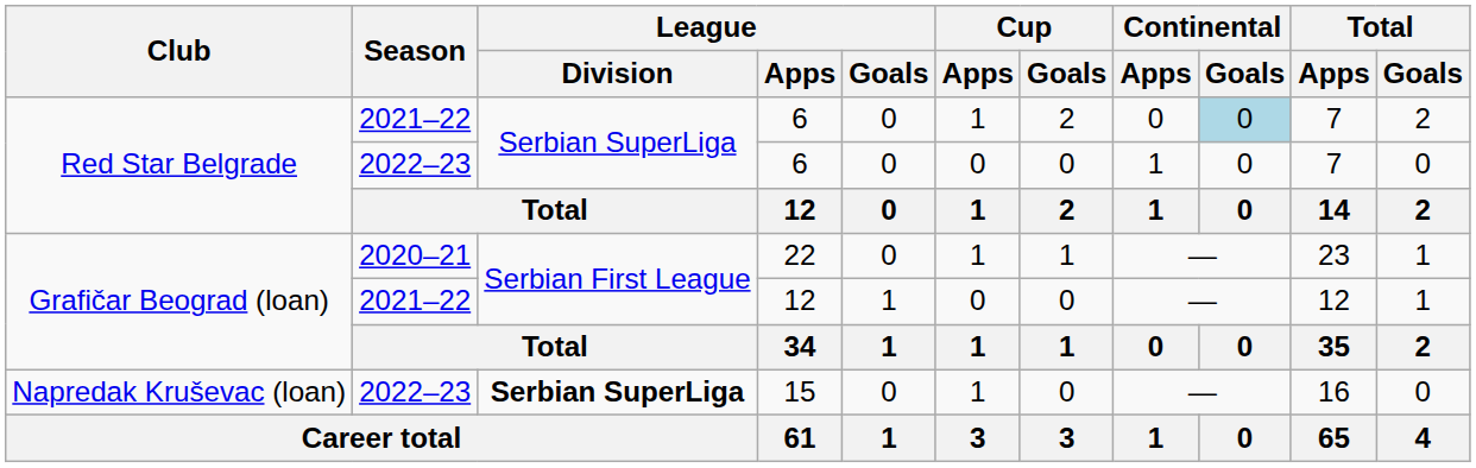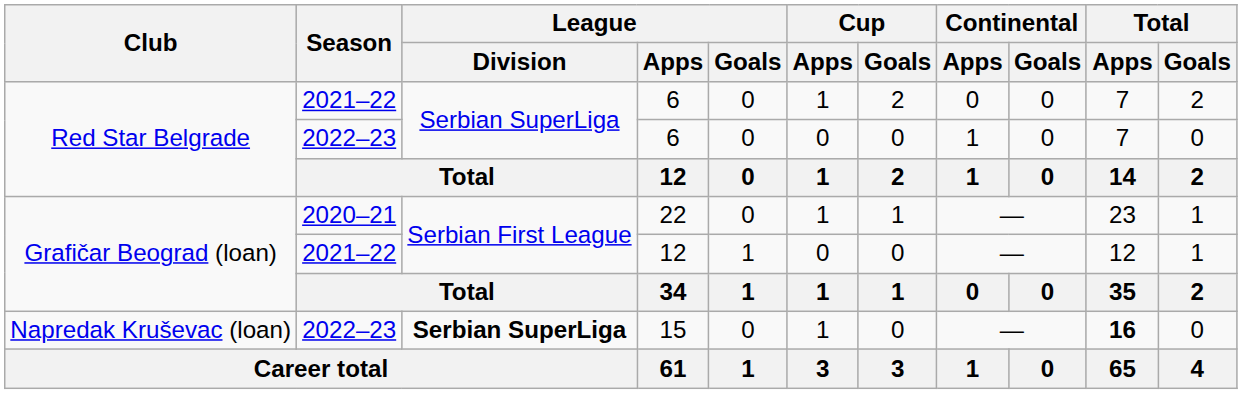 <table class="wikitable" style="text-align:center">
 <tr>
 <th rowspan="2">Club</th>
 <th rowspan="2">Season</th>
 <th colspan="3">League</th>
 <th colspan="2">Cup</th>
 <th colspan="2">Continental</th>
 <th colspan="2">Total</th>
 </tr>
 <tr>
 <th>Division</th>
 <th>Apps</th>
 <th>Goals</th>
 <th>Apps</th>
 <th>Goals</th>
 <th>Apps</th>
 <th>Goals</th>
 <th>Apps</th>
 <th>Goals</th>
 </tr>
 <tr>
 <td rowspan=3><a href='#'>Red Star Belgrade</a></td>
 <td><a href='#'>2021–22</a></td>
 <td rowspan=2><a href='#'>Serbian SuperLiga</a></td>
 <td>6</td>
 <td>0</td>
 <td>1</td>
 <td>2</td>
 <td>0</td>
-<td style="background: lightblue;">0</td>
+<td>0</td>
 <td>7</td>
 <td>2</td>
 </tr>
 <tr>
 <td><a href='#'>2022–23</a></td>
 <td>6</td>
 <td>0</td>
 <td>0</td>
 <td>0</td>
 <td>1</td>
 <td>0</td>
 <td>7</td>
 <td>0</td>
 </tr>
 <tr>
 <th colspan="2">Total</th>
 <th>12</th>
 <th>0</th>
 <th>1</th>
 <th>2</th>
 <th>1</th>
 <th>0</th>
 <th>14</th>
 <th>2</th>
 </tr>
 <tr>
 <td rowspan=3><a href='#'>Grafičar Beograd</a> (loan)</td>
 <td><a href='#'>2020–21</a></td>
 <td rowspan=2><a href='#'>Serbian First League</a></td>
 <td>22</td>
 <td>0</td>
 <td>1</td>
 <td>1</td>
 <td colspan="2">—</td>
 <td>23</td>
 <td>1</td>
 </tr>
 <tr>
 <td><a href='#'>2021–22</a></td>
 <td>12</td>
 <td>1</td>
 <td>0</td>
 <td>0</td>
 <td colspan="2">—</td>
 <td>12</td>
 <td>1</td>
 </tr>
 <tr>
 <th colspan="2">Total</th>
 <th>34</th>
 <th>1</th>
 <th>1</th>
 <th>1</th>
 <th>0</th>
 <th>0</th>
 <th>35</th>
 <th>2</th>
 </tr>
 <tr>
 <td><a href='#'>Napredak Kruševac</a> (loan)</td>
 <td><a href='#'>2022–23</a></td>
 <td><strong>Serbian SuperLiga</strong></td>
 <td>15</td>
 <td>0</td>
 <td>1</td>
 <td>0</td>
 <td colspan="2">—</td>
-<td>16</td>
+<td><strong>16</strong></td>
 <td>0</td>
 </tr>
 <tr>
 <th colspan="3">Career total</th>
 <th>61</th>
 <th>1</th>
 <th>3</th>
 <th>3</th>
 <th>1</th>
 <th>0</th>
 <th>65</th>
 <th>4</th>
 </tr>
 </table>
